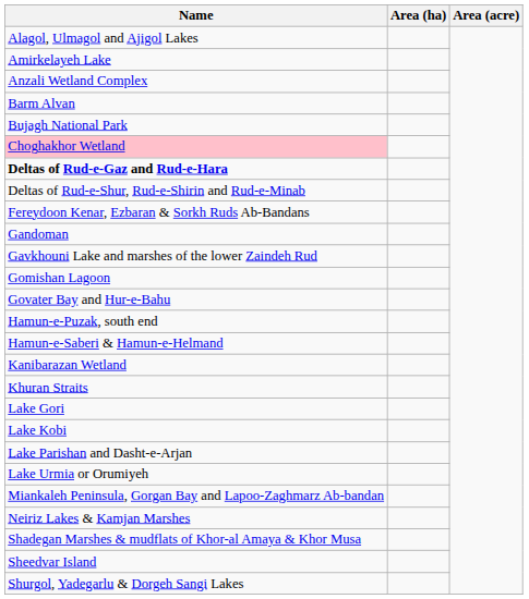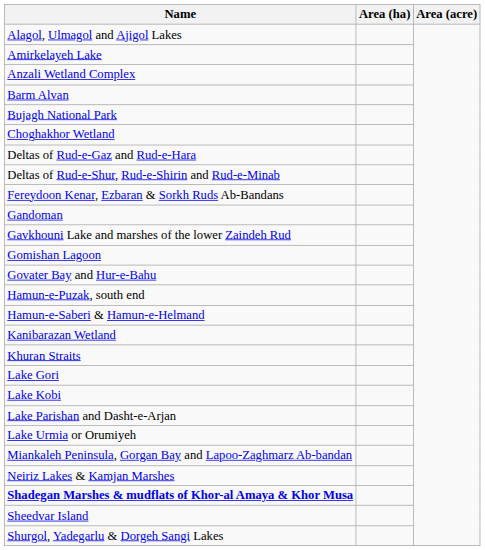 <table class="wikitable sortable">
 <tr>
 <th scope="col" align=left>Name</th>
 <th scope="col">Area (ha)</th>
 <th scope="col">Area (acre)</th>
 </tr>
 <tr ---->
 <td><a href='#'>Alagol</a>, <a href='#'>Ulmagol</a> and <a href='#'>Ajigol</a> Lakes</td>
 <td></td>
 </tr>
 <tr ---->
 <td><a href='#'>Amirkelayeh Lake</a></td>
 <td></td>
 </tr>
 <tr ---->
 <td><a href='#'>Anzali Wetland Complex</a></td>
 <td></td>
 </tr>
 <tr ---->
 <td><a href='#'>Barm Alvan</a></td>
 <td></td>
 </tr>
 <tr ---->
 <td><a href='#'>Bujagh National Park</a></td>
 <td></td>
 </tr>
 <tr ---->
-<td style="background: pink;"><a href='#'>Choghakhor Wetland</a></td>
+<td><a href='#'>Choghakhor Wetland</a></td>
 <td></td>
 </tr>
 <tr ---->
-<td><strong>Deltas of <a href='#'>Rud-e-Gaz</a> and <a href='#'>Rud-e-Hara</a></strong></td>
+<td>Deltas of <a href='#'>Rud-e-Gaz</a> and <a href='#'>Rud-e-Hara</a></td>
 <td></td>
 </tr>
 <tr ---->
 <td>Deltas of <a href='#'>Rud-e-Shur</a>, <a href='#'>Rud-e-Shirin</a> and <a href='#'>Rud-e-Minab</a></td>
 <td></td>
 </tr>
 <tr ---->
 <td><a href='#'>Fereydoon Kenar</a>, <a href='#'>Ezbaran</a> & <a href='#'>Sorkh Ruds</a> Ab-Bandans</td>
 <td></td>
 </tr>
 <tr ---->
 <td><a href='#'>Gandoman</a></td>
 <td></td>
 </tr>
 <tr ---->
 <td><a href='#'>Gavkhouni</a> Lake and marshes of the lower <a href='#'>Zaindeh Rud</a></td>
 <td></td>
 </tr>
 <tr ---->
 <td><a href='#'>Gomishan Lagoon</a></td>
 <td></td>
 </tr>
 <tr ---->
 <td><a href='#'>Govater Bay</a> and <a href='#'>Hur-e-Bahu</a></td>
 <td></td>
 </tr>
 <tr ---->
 <td><a href='#'>Hamun-e-Puzak</a>, south end</td>
 <td></td>
 </tr>
 <tr ---->
 <td><a href='#'>Hamun-e-Saberi</a> & <a href='#'>Hamun-e-Helmand</a></td>
 <td></td>
 </tr>
 <tr ---->
 <td><a href='#'>Kanibarazan Wetland</a></td>
 <td></td>
 </tr>
 <tr ---->
 <td><a href='#'>Khuran Straits</a></td>
 <td></td>
 </tr>
 <tr ---->
 <td><a href='#'>Lake Gori</a></td>
 <td></td>
 </tr>
 <tr ---->
 <td><a href='#'>Lake Kobi</a></td>
 <td></td>
 </tr>
 <tr ---->
 <td><a href='#'>Lake Parishan</a> and Dasht-e-Arjan</td>
 <td></td>
 </tr>
 <tr ---->
 <td><a href='#'>Lake Urmia</a> or Orumiyeh</td>
 <td></td>
 </tr>
 <tr ---->
 <td><a href='#'>Miankaleh Peninsula</a>, <a href='#'>Gorgan Bay</a> and <a href='#'>Lapoo-Zaghmarz Ab-bandan</a></td>
 <td></td>
 </tr>
 <tr ---->
 <td><a href='#'>Neiriz Lakes</a> & <a href='#'>Kamjan Marshes</a></td>
 <td></td>
 </tr>
 <tr ---->
-<td><a href='#'>Shadegan Marshes & mudflats of Khor-al Amaya & Khor Musa</a></td>
+<td><strong><a href='#'>Shadegan Marshes & mudflats of Khor-al Amaya & Khor Musa</a></strong></td>
 <td></td>
 </tr>
 <tr ---->
 <td><a href='#'>Sheedvar Island</a></td>
 <td></td>
 </tr>
 <tr ---->
 <td><a href='#'>Shurgol</a>, <a href='#'>Yadegarlu</a> & <a href='#'>Dorgeh Sangi</a> Lakes</td>
 <td></td>
 </tr>
 </table>
